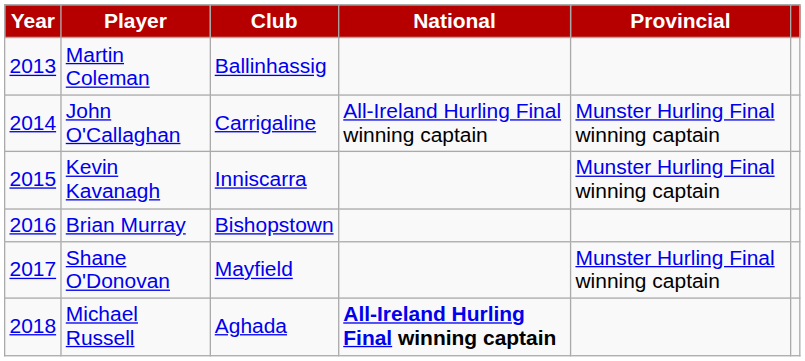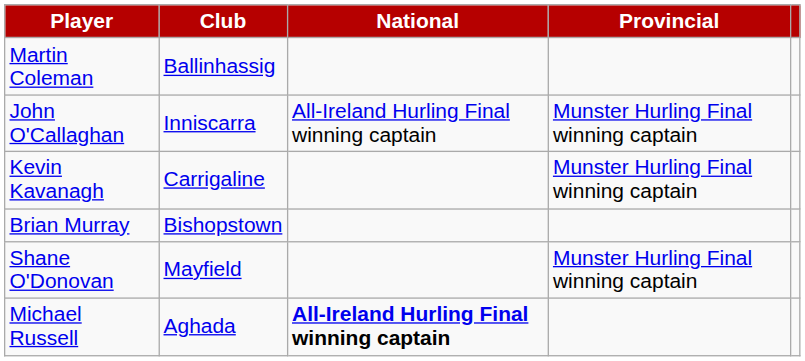 <table class="wikitable">
 <tr style="text-align:center;background:#B60000;color:white">
-<td><strong>Year</strong></td>
 <td><strong>Player</strong></td>
 <td><strong>Club</strong></td>
 <td><strong>National</strong></td>
 <td><strong>Provincial</strong></td>
 <td></td>
 </tr>
 <tr>
-<td style="text-align:left;"><a href='#'>2013</a></td>
 <td style="text-align:left;"><a href='#'>Martin Coleman</a></td>
 <td style="text-align:left;"><a href='#'>Ballinhassig</a></td>
 <td></td>
 <td></td>
 <td></td>
 </tr>
 <tr>
-<td style="text-align:left;"><a href='#'>2014</a></td>
 <td style="text-align:left;"><a href='#'>John O'Callaghan</a></td>
-<td style="text-align:left;"><a href='#'>Carrigaline</a></td>
+<td style="text-align:left;"><a href='#'>Inniscarra</a></td>
 <td><a href='#'>All-Ireland Hurling Final</a> winning captain</td>
 <td><a href='#'>Munster Hurling Final</a> winning captain</td>
 <td></td>
 </tr>
 <tr>
-<td style="text-align:left;"><a href='#'>2015</a></td>
 <td style="text-align:left;"><a href='#'>Kevin Kavanagh</a></td>
-<td style="text-align:left;"><a href='#'>Inniscarra</a></td>
+<td style="text-align:left;"><a href='#'>Carrigaline</a></td>
 <td></td>
 <td><a href='#'>Munster Hurling Final</a> winning captain</td>
 <td></td>
 </tr>
 <tr>
-<td style="text-align:left;"><a href='#'>2016</a></td>
 <td style="text-align:left;"><a href='#'>Brian Murray</a></td>
 <td style="text-align:left;"><a href='#'>Bishopstown</a></td>
 <td></td>
 <td></td>
 <td></td>
 </tr>
 <tr>
-<td style="text-align:left;"><a href='#'>2017</a></td>
 <td style="text-align:left;"><a href='#'>Shane O'Donovan</a></td>
 <td style="text-align:left;"><a href='#'>Mayfield</a></td>
 <td></td>
 <td><a href='#'>Munster Hurling Final</a> winning captain</td>
 <td></td>
 </tr>
 <tr>
-<td style="text-align:left;"><a href='#'>2018</a></td>
 <td style="text-align:left;"><a href='#'>Michael Russell</a></td>
 <td style="text-align:left;"><a href='#'>Aghada</a></td>
 <td><strong><a href='#'>All-Ireland Hurling Final</a> winning captain</strong></td>
 <td></td>
 <td></td>
 </tr>
 </table>
